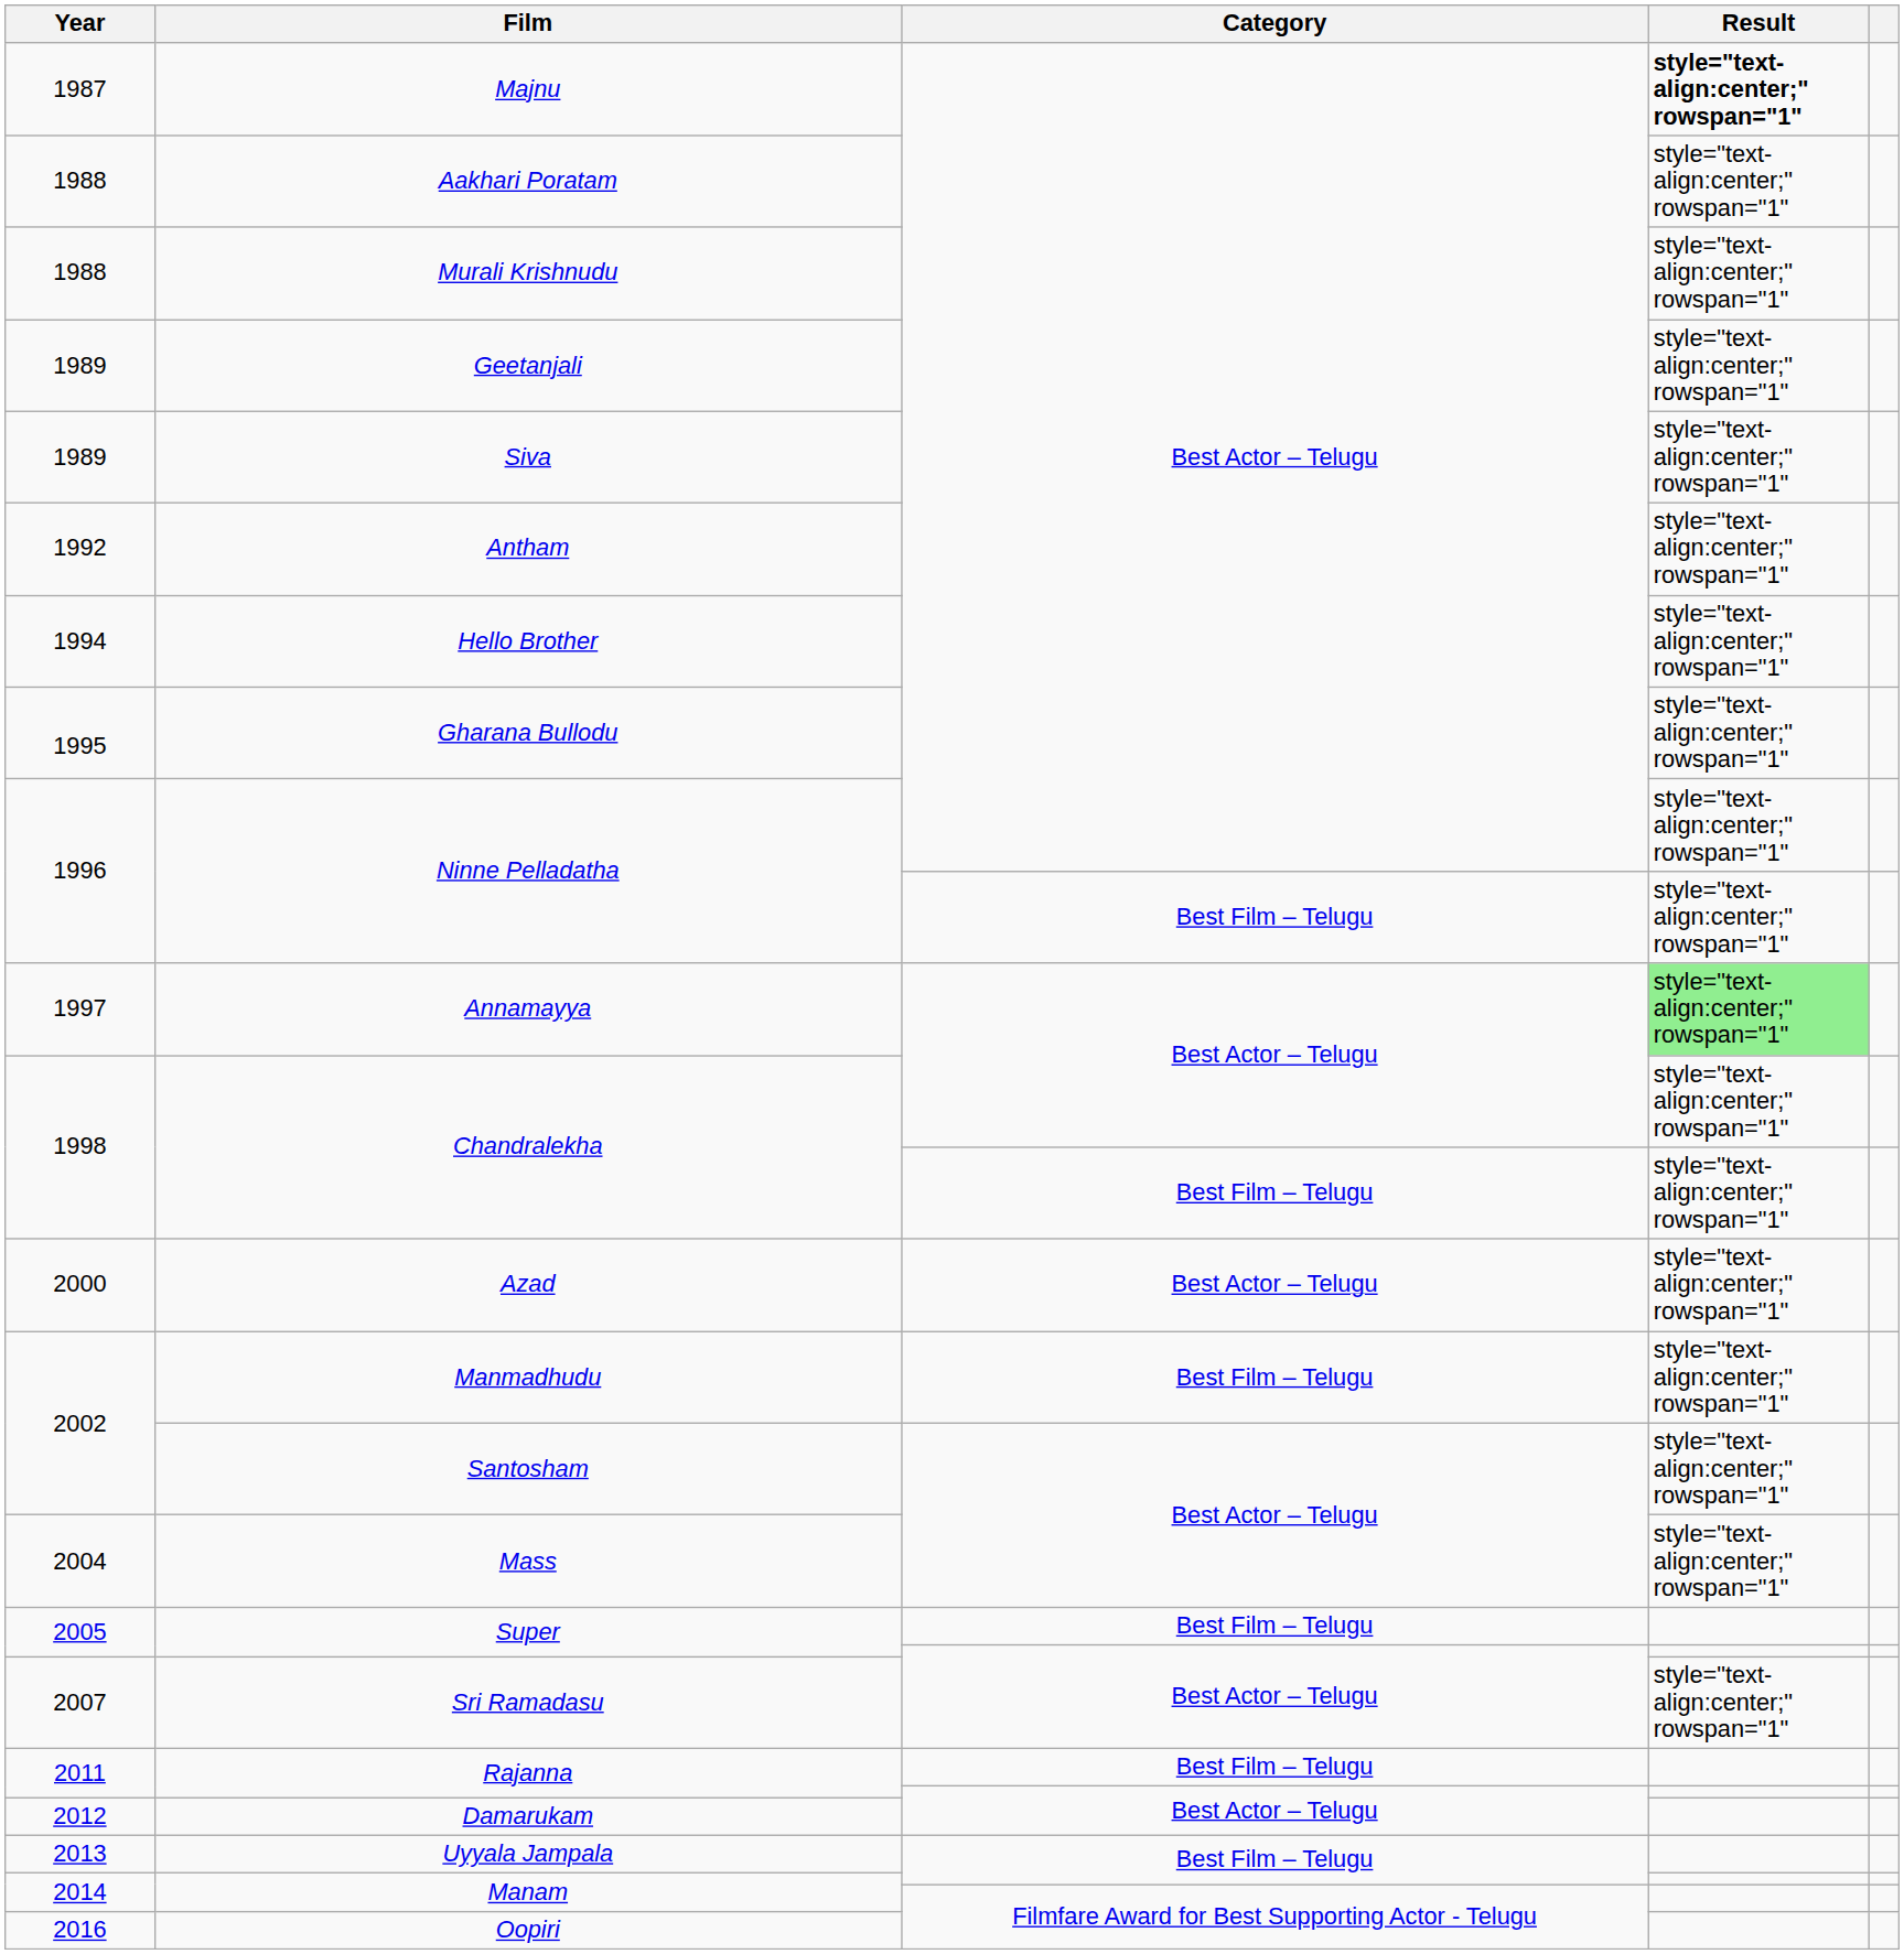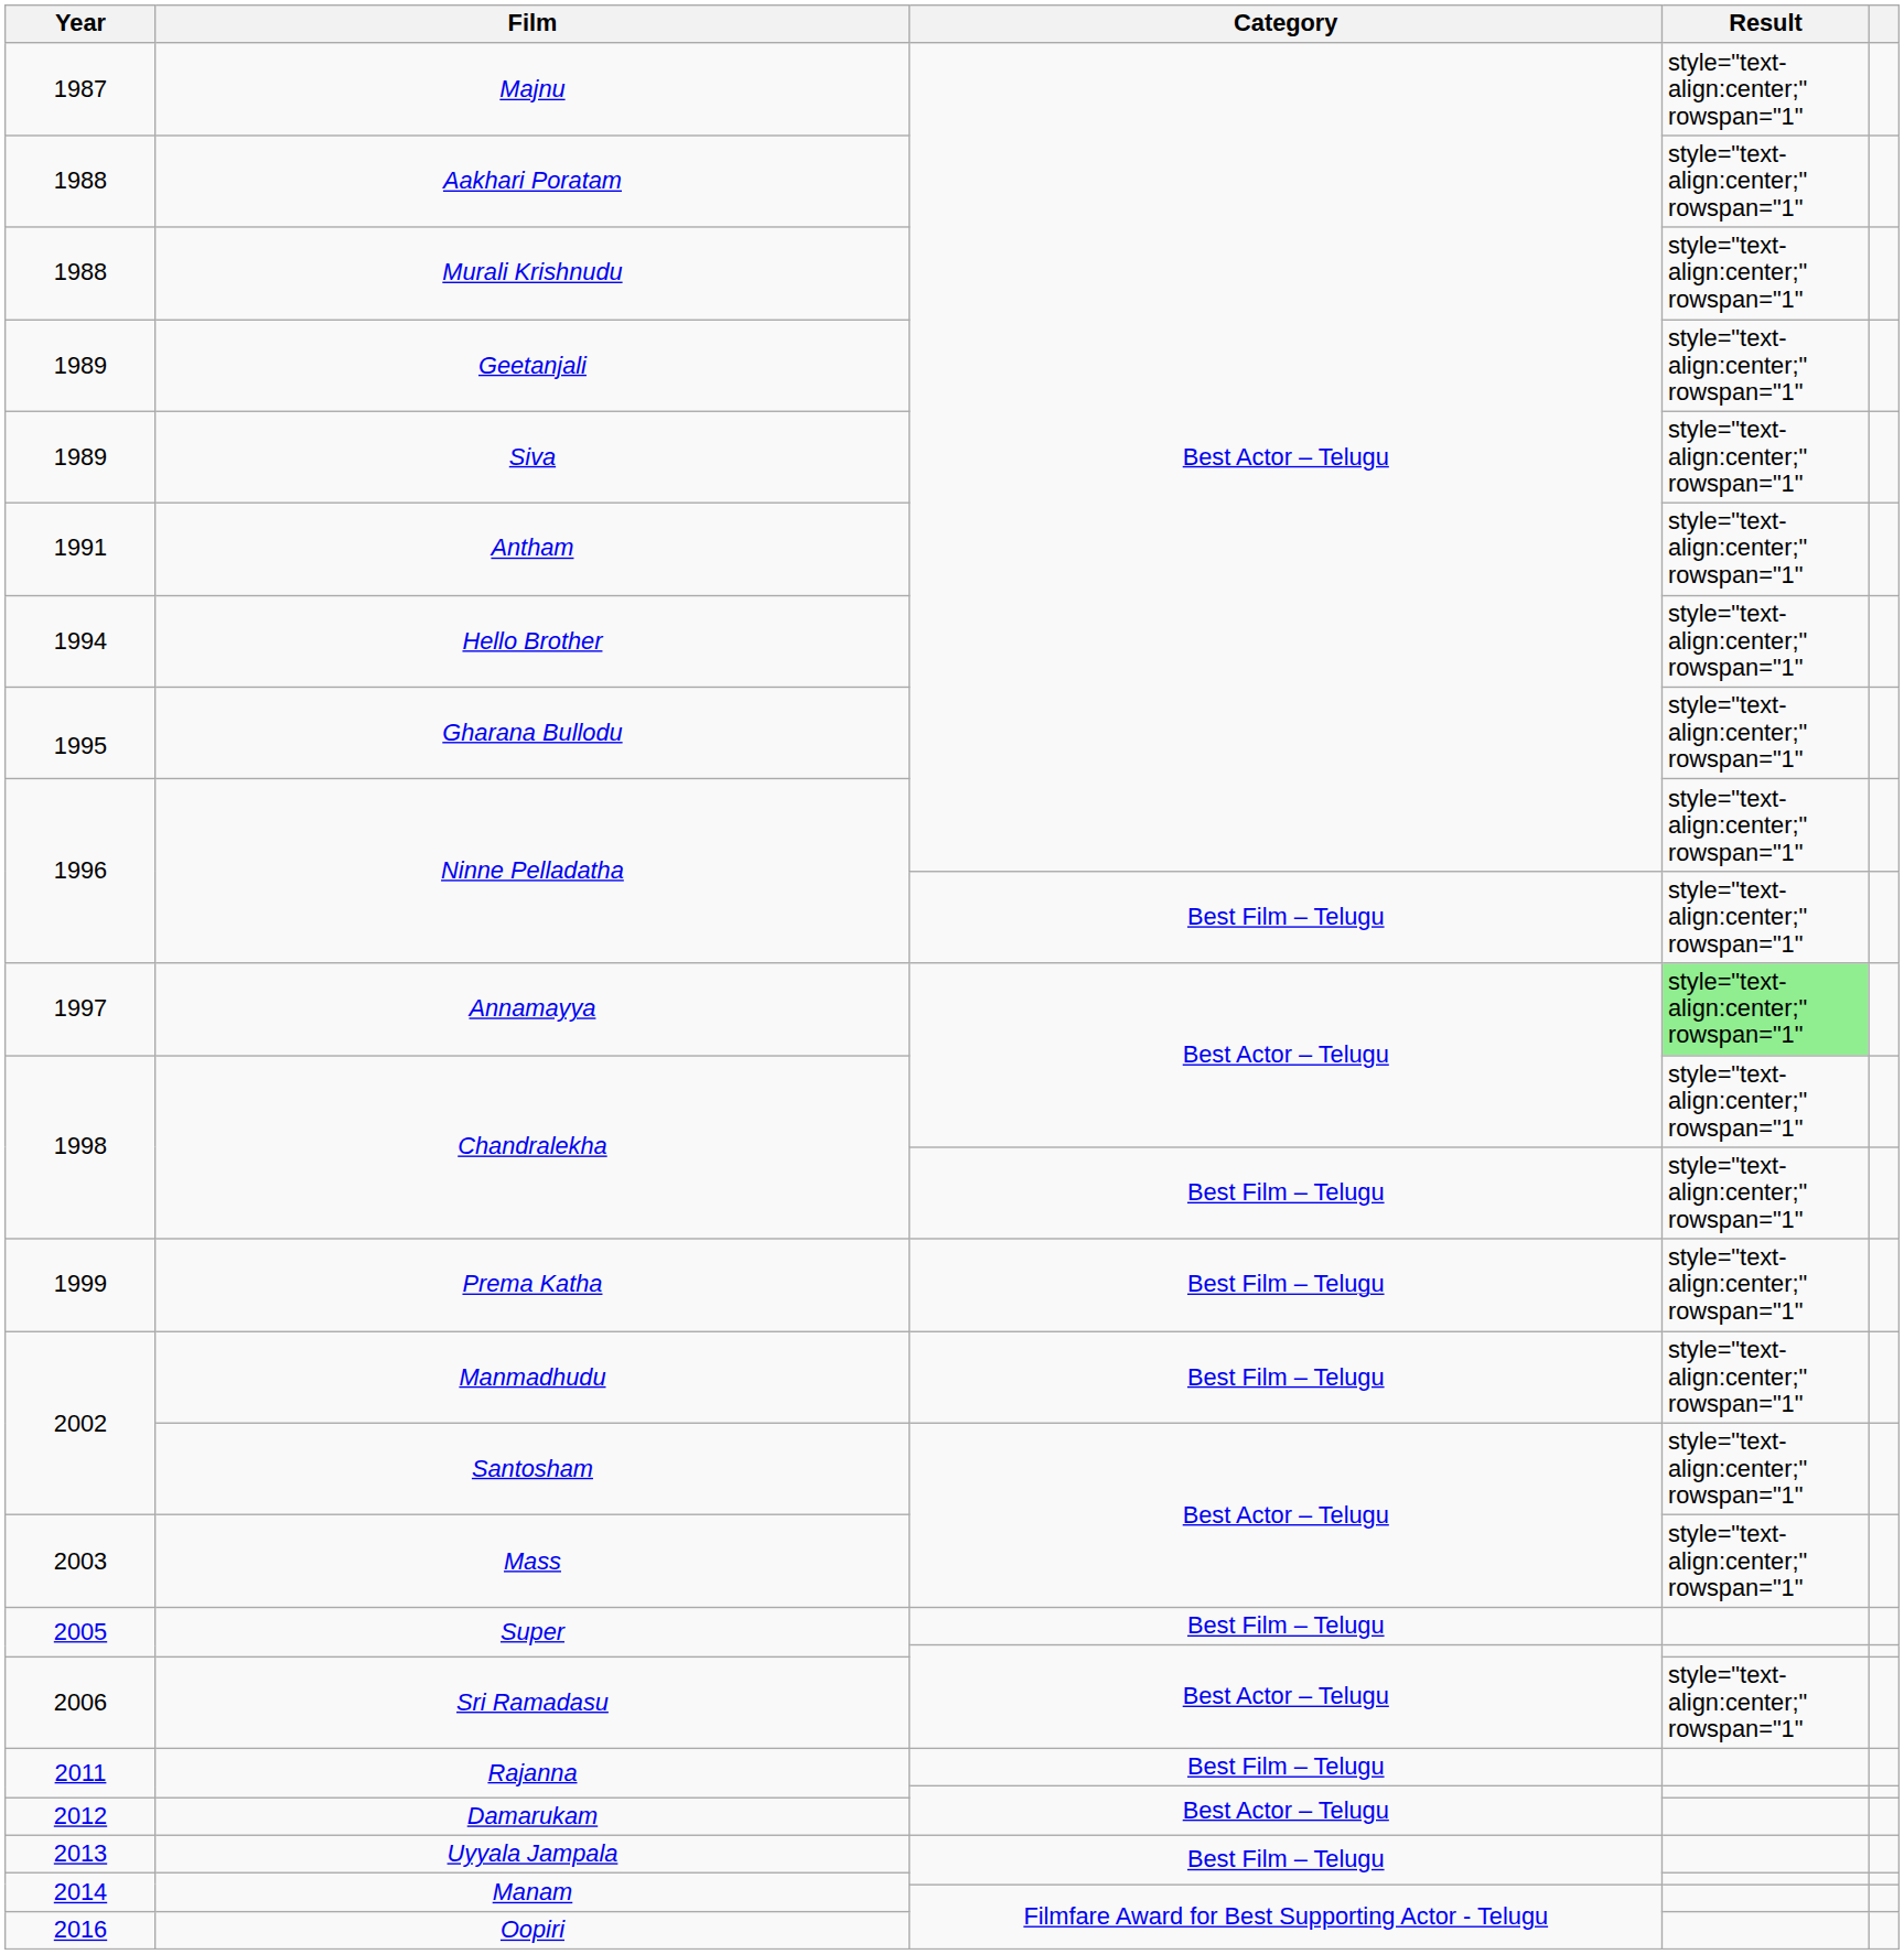 <table class="wikitable sortable" style="width:100%;">
 <tr>
 <th style="width:5%;">Year</th>
 <th style="width:25%;">Film</th>
 <th style="width:25%;">Category</th>
 <th style="width:5%;">Result</th>
 <th style="width:1%;" class="unsortable"></th>
 </tr>
 <tr>
 <td style="text-align:center;">1987</td>
 <td style="text-align:center;"><em><a href='#'>Majnu</a></em></td>
 <td rowspan="9" style="text-align:center;"><a href='#'>Best Actor – Telugu</a></td>
-<td><strong>style="text-align:center;" rowspan="1" </strong></td>
+<td>style="text-align:center;" rowspan="1" </td>
 <td></td>
 </tr>
 <tr>
 <td style="text-align:center;">1988</td>
 <td style="text-align:center;"><em><a href='#'>Aakhari Poratam</a></em></td>
 <td>style="text-align:center;" rowspan="1" </td>
 <td></td>
 </tr>
 <tr>
 <td style="text-align:center;">1988</td>
 <td style="text-align:center;"><em><a href='#'>Murali Krishnudu</a></em></td>
 <td>style="text-align:center;" rowspan="1" </td>
 <td></td>
 </tr>
 <tr>
 <td style="text-align:center;">1989</td>
 <td style="text-align:center;"><em><a href='#'>Geetanjali</a></em></td>
 <td>style="text-align:center;" rowspan="1" </td>
 <td></td>
 </tr>
 <tr>
 <td style="text-align:center;">1989</td>
 <td style="text-align:center;"><em><a href='#'>Siva</a></em></td>
 <td>style="text-align:center;" rowspan="1" </td>
 <td></td>
 </tr>
 <tr>
-<td style="text-align:center;">1992</td>
+<td style="text-align:center;">1991</td>
 <td style="text-align:center;"><em><a href='#'>Antham</a></em></td>
 <td>style="text-align:center;" rowspan="1" </td>
 <td></td>
 </tr>
 <tr>
 <td style="text-align:center;">1994</td>
 <td style="text-align:center;"><em><a href='#'>Hello Brother</a></em></td>
 <td>style="text-align:center;" rowspan="1" </td>
 <td></td>
 </tr>
 <tr>
 <td style="text-align:center;"><br>1995</td>
 <td style="text-align:center;"><em><a href='#'>Gharana Bullodu</a></em></td>
 <td>style="text-align:center;" rowspan="1" </td>
 <td></td>
 </tr>
 <tr>
 <td rowspan="2" style="text-align:center;">1996</td>
 <td rowspan="2" style="text-align:center;"><em><a href='#'>Ninne Pelladatha</a></em></td>
 <td>style="text-align:center;" rowspan="1" </td>
 <td></td>
 </tr>
 <tr>
 <td style="text-align:center;"><a href='#'>Best Film – Telugu</a> </td>
 <td>style="text-align:center;" rowspan="1" </td>
 <td></td>
 </tr>
 <tr>
 <td style="text-align:center;">1997</td>
 <td style="text-align:center;"><em><a href='#'>Annamayya</a></em></td>
 <td rowspan="2" style="text-align:center;"><a href='#'>Best Actor – Telugu</a></td>
 <td style="background: lightgreen;">style="text-align:center;" rowspan="1" </td>
 <td></td>
 </tr>
 <tr>
 <td rowspan="2" style="text-align:center;">1998</td>
 <td rowspan="2" style="text-align:center;"><em><a href='#'>Chandralekha</a></em></td>
 <td>style="text-align:center;" rowspan="1" </td>
 <td></td>
 </tr>
 <tr>
 <td style="text-align:center;"><a href='#'>Best Film – Telugu</a> </td>
 <td>style="text-align:center;" rowspan="1" </td>
 <td></td>
 </tr>
 <tr>
-<td style="text-align:center;">2000</td>
-<td style="text-align:center;"><em><a href='#'>Azad</a></em></td>
-<td style="text-align:center;"><a href='#'>Best Actor – Telugu</a></td>
+<td style="text-align:center;">1999</td>
+<td style="text-align:center;"><em><a href='#'>Prema Katha</a></em></td>
+<td style="text-align:center;"><a href='#'>Best Film – Telugu</a> </td>
 <td>style="text-align:center;" rowspan="1" </td>
 <td></td>
 </tr>
 <tr>
 <td rowspan="2" style="text-align:center;">2002</td>
 <td style="text-align:center;"><em><a href='#'>Manmadhudu</a></em></td>
 <td style="text-align:center;"><a href='#'>Best Film – Telugu</a> </td>
 <td>style="text-align:center;" rowspan="1" </td>
 <td></td>
 </tr>
 <tr>
 <td style="text-align:center;"><em><a href='#'>Santosham</a></em></td>
 <td rowspan="2" style="text-align:center;"><a href='#'>Best Actor – Telugu</a></td>
 <td>style="text-align:center;" rowspan="1" </td>
 <td></td>
 </tr>
 <tr>
-<td style="text-align:center;">2004</td>
+<td style="text-align:center;">2003</td>
 <td style="text-align:center;"><em><a href='#'>Mass</a></em></td>
 <td>style="text-align:center;" rowspan="1" </td>
 <td></td>
 </tr>
 <tr>
 <td style="text-align:center;" rowspan="2"><a href='#'>2005</a></td>
 <td style="text-align:center;" rowspan="2"><em><a href='#'>Super</a></em></td>
 <td style="text-align:center;"><a href='#'>Best Film – Telugu</a> </td>
 <td></td>
 <td style="text-align:center;"></td>
 </tr>
 <tr>
 <td rowspan="2" style="text-align:center;"><a href='#'>Best Actor – Telugu</a></td>
 <td></td>
 <td style="text-align:center;"></td>
 </tr>
 <tr>
-<td style="text-align:center;">2007</td>
+<td style="text-align:center;">2006</td>
 <td style="text-align:center;"><em><a href='#'>Sri Ramadasu</a></em></td>
 <td>style="text-align:center;" rowspan="1" </td>
 <td></td>
 </tr>
 <tr>
 <td style="text-align:center;" rowspan="2"><a href='#'>2011</a></td>
 <td style="text-align:center;" rowspan="2"><em><a href='#'>Rajanna</a></em></td>
 <td style="text-align:center;"><a href='#'>Best Film – Telugu</a> </td>
 <td></td>
 <td style="text-align:center;"></td>
 </tr>
 <tr>
 <td rowspan="2" style="text-align:center;"><a href='#'>Best Actor – Telugu</a></td>
 <td></td>
 <td style="text-align:center;"></td>
 </tr>
 <tr>
 <td style="text-align:center;"><a href='#'>2012</a></td>
 <td style="text-align:center;"><em><a href='#'>Damarukam</a></em></td>
 <td></td>
 <td style="text-align:center;"></td>
 </tr>
 <tr>
 <td style="text-align:center;"><a href='#'>2013</a></td>
 <td style="text-align:center;"><em><a href='#'>Uyyala Jampala</a></em></td>
 <td rowspan="2" style="text-align:center;"><a href='#'>Best Film – Telugu</a> </td>
 <td></td>
 <td style="text-align:center;"></td>
 </tr>
 <tr>
 <td style="text-align:center;" rowspan="2"><a href='#'>2014</a></td>
 <td style="text-align:center;" rowspan="2"><em><a href='#'>Manam</a></em></td>
 <td></td>
 <td style="text-align:center;"></td>
 </tr>
 <tr>
 <td rowspan="2" style="text-align:center;"><a href='#'>Filmfare Award for Best  Supporting Actor - Telugu</a></td>
 <td></td>
 <td style="text-align:center;"></td>
 </tr>
 <tr>
 <td style="text-align:center;"><a href='#'>2016</a></td>
 <td style="text-align:center;"><em><a href='#'>Oopiri</a></em></td>
 <td></td>
 <td style="text-align:center;"></td>
 </tr>
 <tr>
 </tr>
 </table>
